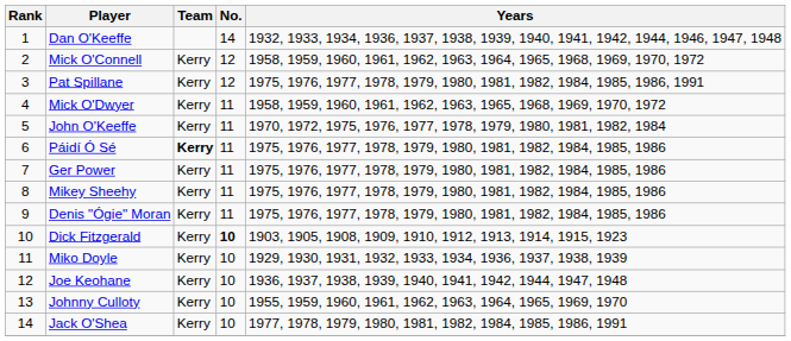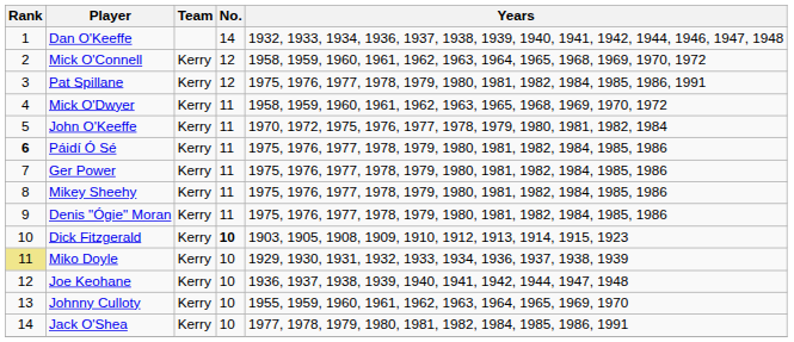 <table class="wikitable">
 <tr>
 <th>Rank</th>
 <th>Player</th>
 <th>Team</th>
 <th>No.</th>
 <th>Years</th>
 </tr>
 <tr>
 <td rowspan="1" style="text-align:center;">1</td>
 <td><a href='#'>Dan O'Keeffe</a></td>
 <td></td>
 <td>14</td>
 <td>1932, 1933, 1934, 1936, 1937, 1938, 1939, 1940, 1941, 1942, 1944, 1946, 1947, 1948</td>
 </tr>
 <tr>
 <td rowspan="1" style="text-align:center;">2</td>
 <td><a href='#'>Mick O'Connell</a></td>
 <td>Kerry</td>
 <td>12</td>
 <td>1958, 1959, 1960, 1961, 1962, 1963, 1964, 1965, 1968, 1969, 1970, 1972</td>
 </tr>
 <tr>
 <td rowspan="1" style="text-align: center;">3</td>
 <td><a href='#'>Pat Spillane</a></td>
 <td>Kerry</td>
 <td>12</td>
 <td>1975, 1976, 1977, 1978, 1979, 1980, 1981, 1982, 1984, 1985, 1986, 1991</td>
 </tr>
 <tr>
 <td rowspan="1" style="text-align: center;">4</td>
 <td><a href='#'>Mick O'Dwyer</a></td>
 <td>Kerry</td>
 <td>11</td>
 <td>1958, 1959, 1960, 1961, 1962, 1963, 1965, 1968, 1969, 1970, 1972</td>
 </tr>
 <tr>
 <td rowspan="1" style="text-align: center;">5</td>
 <td><a href='#'>John O'Keeffe</a></td>
 <td>Kerry</td>
 <td>11</td>
 <td>1970, 1972, 1975, 1976, 1977, 1978, 1979, 1980, 1981, 1982, 1984</td>
 </tr>
 <tr>
-<td rowspan="1" style="text-align: center;">6</td>
+<td rowspan="1" style="text-align: center;"><strong>6</strong></td>
 <td><a href='#'>Páidí Ó Sé</a></td>
-<td><strong>Kerry</strong></td>
+<td>Kerry</td>
 <td>11</td>
 <td>1975, 1976, 1977, 1978, 1979, 1980, 1981, 1982, 1984, 1985, 1986</td>
 </tr>
 <tr>
 <td rowspan="1" style="text-align: center;">7</td>
 <td><a href='#'>Ger Power</a></td>
 <td>Kerry</td>
 <td>11</td>
 <td>1975, 1976, 1977, 1978, 1979, 1980, 1981, 1982, 1984, 1985, 1986</td>
 </tr>
 <tr>
 <td rowspan="1" style="text-align: center;">8</td>
 <td><a href='#'>Mikey Sheehy</a></td>
 <td>Kerry</td>
 <td>11</td>
 <td>1975, 1976, 1977, 1978, 1979, 1980, 1981, 1982, 1984, 1985, 1986</td>
 </tr>
 <tr>
 <td rowspan="1" style="text-align: center;">9</td>
 <td><a href='#'>Denis "Ógie" Moran</a></td>
 <td>Kerry</td>
 <td>11</td>
 <td>1975, 1976, 1977, 1978, 1979, 1980, 1981, 1982, 1984, 1985, 1986</td>
 </tr>
 <tr>
 <td rowspan="1" style="text-align: center;">10</td>
 <td><a href='#'>Dick Fitzgerald</a></td>
 <td>Kerry</td>
 <td><strong>10</strong></td>
 <td>1903, 1905, 1908, 1909, 1910, 1912, 1913, 1914, 1915, 1923</td>
 </tr>
 <tr>
-<td rowspan="1" style="text-align: center;">11</td>
+<td rowspan="1" style="background: khaki; text-align: center;">11</td>
 <td><a href='#'>Miko Doyle</a></td>
 <td>Kerry</td>
 <td>10</td>
 <td>1929, 1930, 1931, 1932, 1933, 1934, 1936, 1937, 1938, 1939</td>
 </tr>
 <tr>
 <td rowspan="1" style="text-align: center;">12</td>
 <td><a href='#'>Joe Keohane</a></td>
 <td>Kerry</td>
 <td>10</td>
 <td>1936, 1937, 1938, 1939, 1940, 1941, 1942, 1944, 1947, 1948</td>
 </tr>
 <tr>
 <td rowspan="1" style="text-align: center;">13</td>
 <td><a href='#'>Johnny Culloty</a></td>
 <td>Kerry</td>
 <td>10</td>
 <td>1955, 1959, 1960, 1961, 1962, 1963, 1964, 1965, 1969, 1970</td>
 </tr>
 <tr>
 <td rowspan="1" style="text-align: center;">14</td>
 <td><a href='#'>Jack O'Shea</a></td>
 <td>Kerry</td>
 <td>10</td>
 <td>1977, 1978, 1979, 1980, 1981, 1982, 1984, 1985, 1986, 1991</td>
 </tr>
 <tr>
 </tr>
 </table>
